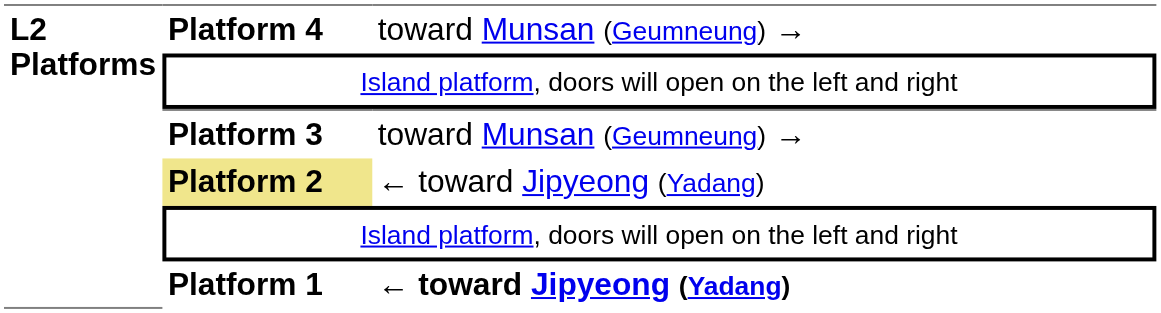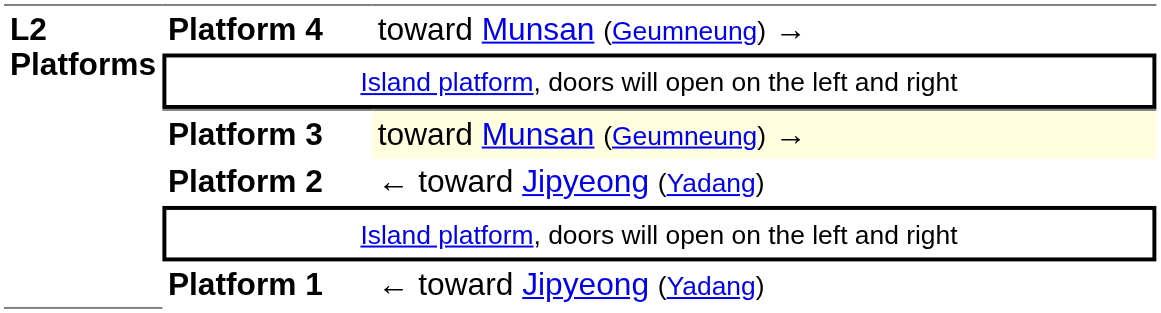 <table table border=0 cellspacing=0 cellpadding=3>
 <tr>
 <td style="border-top:solid 1px gray;border-bottom:solid 1px gray;" width=50 rowspan=10 valign=top><strong>L2<br>Platforms</strong></td>
 <td style="border-bottom:solid 0px gray;border-top:solid 1px gray;" width=100><span><strong>Platform 4</strong></span></td>
 <td style="border-bottom:solid 0px gray;border-top:solid 1px gray;" width=390>  toward <a href='#'>Munsan</a> <small>(<a href='#'>Geumneung</a>)</small> →</td>
 </tr>
 <tr>
 <td style="border-top:solid 2px black;border-right:solid 2px black;border-left:solid 2px black;border-bottom:solid 2px black;text-align:center;" colspan=2><small><a href='#'>Island platform</a>, doors will open on the left and right</small></td>
 </tr>
 <tr>
 <td style="border-bottom:solid 0px gray;border-top:solid 1px gray;" width=100><span><strong>Platform 3</strong></span></td>
-<td style="border-bottom:solid 0px gray;border-top:solid 1px gray;" width=390>  toward <a href='#'>Munsan</a> <small>(<a href='#'>Geumneung</a>)</small> →</td>
+<td style="background: lightyellow; border-bottom:solid 0px gray;border-top:solid 1px gray;" width=390>  toward <a href='#'>Munsan</a> <small>(<a href='#'>Geumneung</a>)</small> →</td>
 </tr>
 <tr>
-<td style="background: khaki;"><span><strong>Platform 2</strong></span></td>
+<td><span><strong>Platform 2</strong></span></td>
 <td>←  toward <a href='#'>Jipyeong</a> <small>(<a href='#'>Yadang</a>)</small></td>
 </tr>
 <tr>
 <td style="border-top:solid 2px black;border-right:solid 2px black;border-left:solid 2px black;border-bottom:solid 2px black;text-align:center;" colspan=2><small><a href='#'>Island platform</a>, doors will open on the left and right</small></td>
 </tr>
 <tr>
 <td><span><strong>Platform 1</strong></span></td>
-<td><strong>←  toward <a href='#'>Jipyeong</a> <small>(<a href='#'>Yadang</a>)</small></strong></td>
+<td>←  toward <a href='#'>Jipyeong</a> <small>(<a href='#'>Yadang</a>)</small></td>
 </tr>
 </table>
